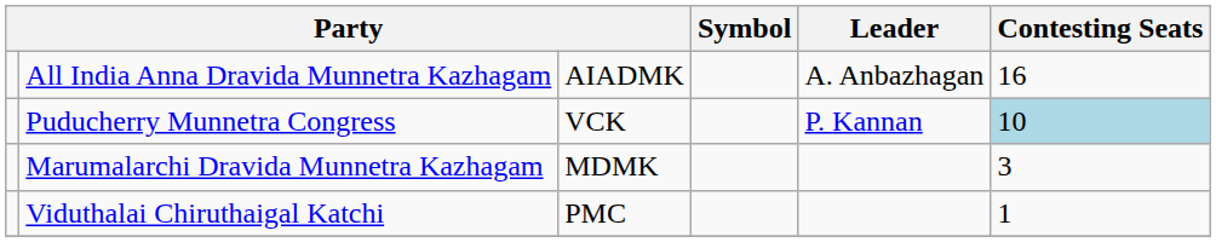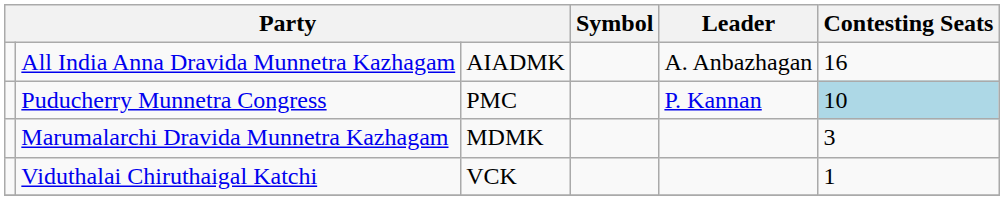 <table class="wikitable">
 <tr>
 <th colspan="3">Party</th>
 <th>Symbol</th>
 <th>Leader</th>
 <th>Contesting Seats</th>
 </tr>
 <tr>
 <td></td>
 <td><a href='#'>All India Anna Dravida Munnetra Kazhagam</a></td>
 <td>AIADMK</td>
 <td></td>
 <td>A. Anbazhagan</td>
 <td>16</td>
 </tr>
 <tr>
 <td></td>
 <td><a href='#'>Puducherry Munnetra Congress</a></td>
-<td>VCK</td>
+<td>PMC</td>
 <td></td>
 <td><a href='#'>P. Kannan</a></td>
 <td style="background: lightblue;">10</td>
 </tr>
 <tr>
 <td></td>
 <td><a href='#'>Marumalarchi Dravida Munnetra Kazhagam</a></td>
 <td>MDMK</td>
 <td></td>
 <td></td>
 <td>3</td>
 </tr>
 <tr>
 <td></td>
 <td><a href='#'>Viduthalai Chiruthaigal Katchi</a></td>
-<td>PMC</td>
+<td>VCK</td>
 <td></td>
 <td></td>
 <td>1</td>
 </tr>
 <tr>
 </tr>
 </table>
